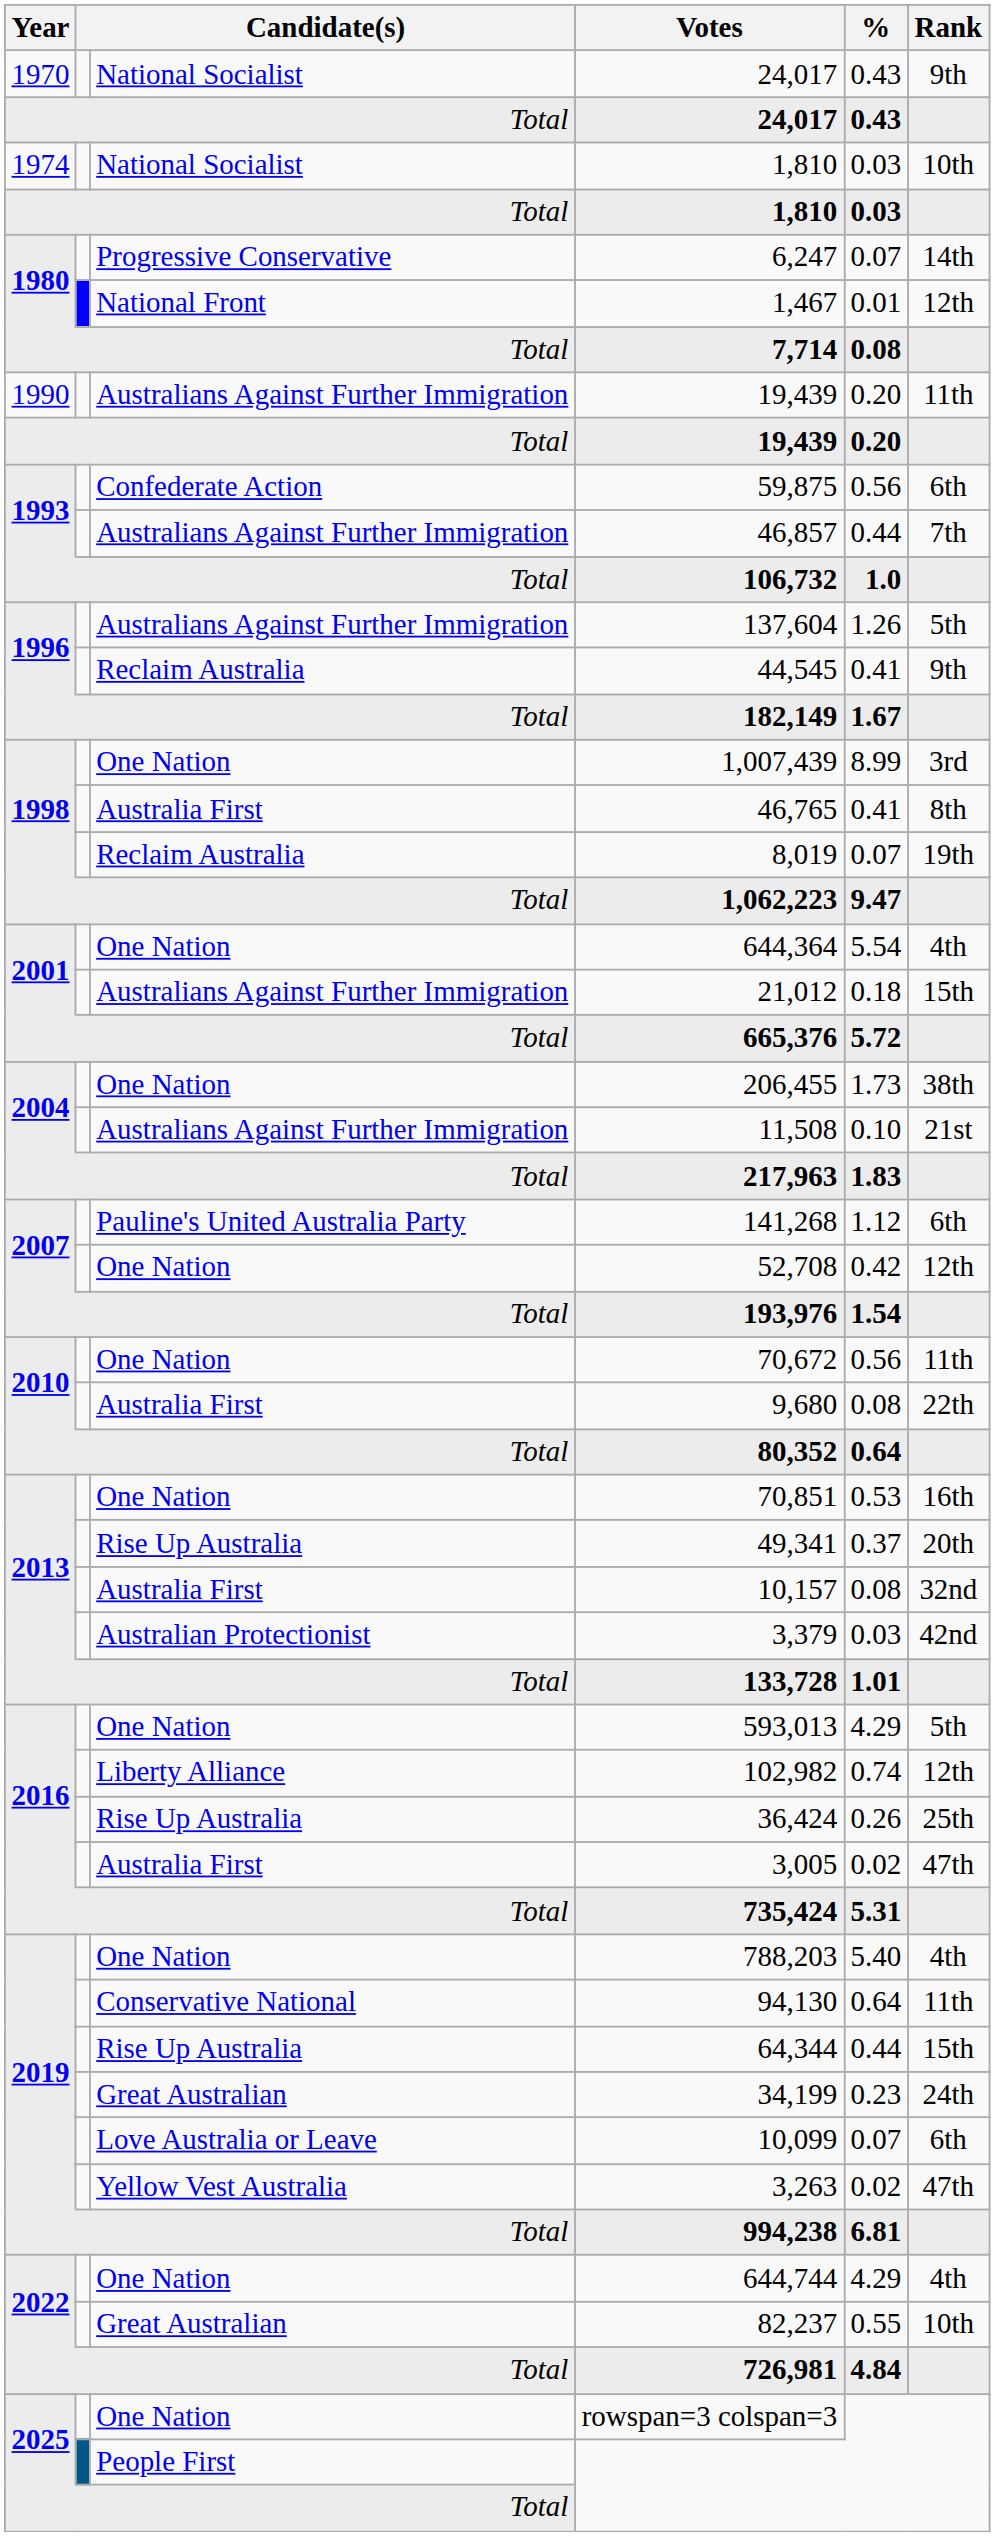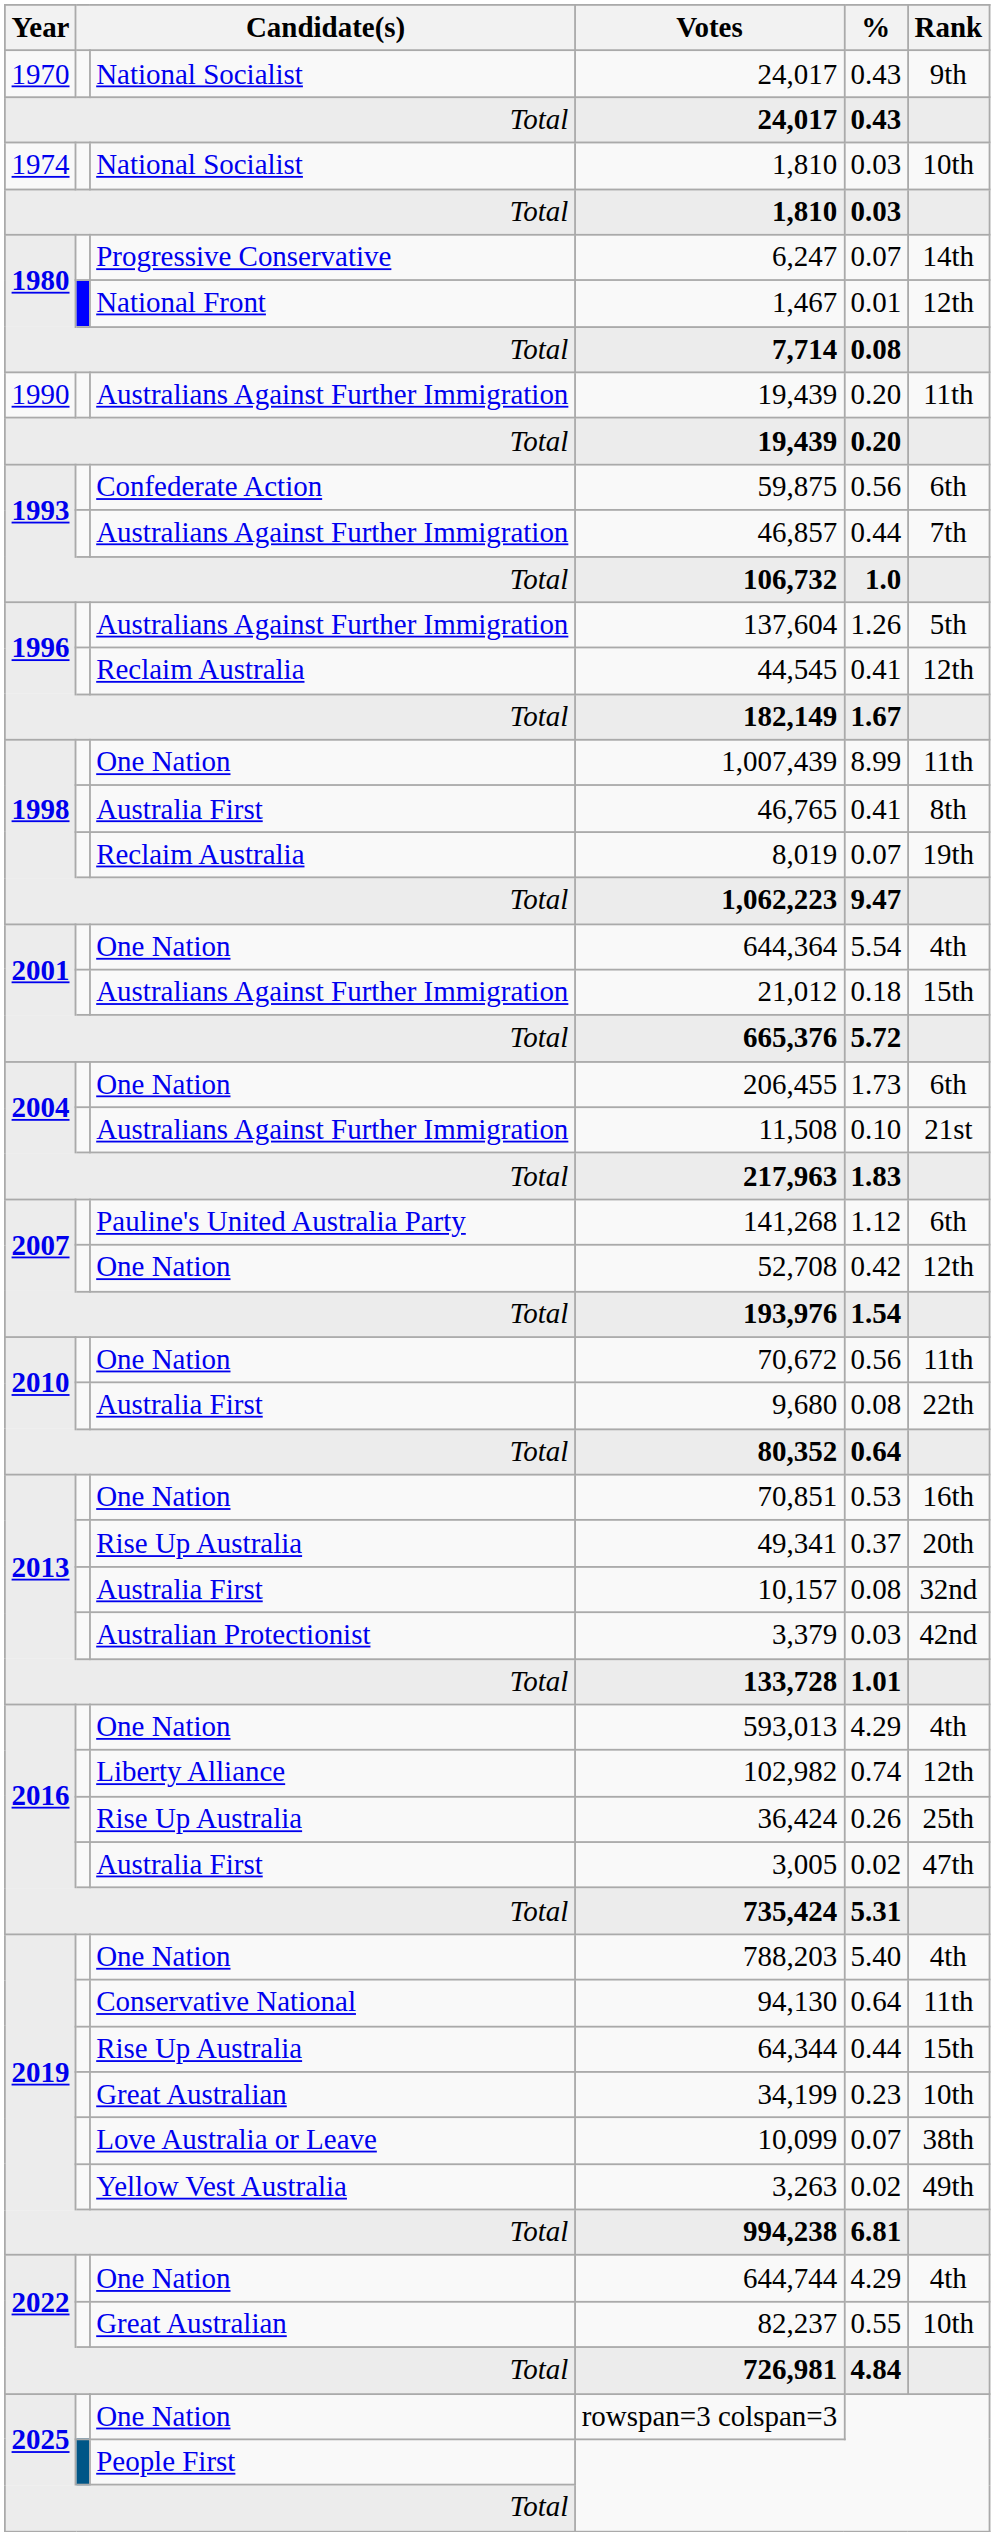 <table class="wikitable" style="text-align:right;">
 <tr>
 <th>Year</th>
 <th colspan=2>Candidate(s)</th>
 <th>Votes</th>
 <th>%</th>
 <th>Rank</th>
 </tr>
 <tr>
 <td><a href='#'>1970</a></td>
 <td></td>
 <td align=left><a href='#'>National Socialist</a></td>
 <td>24,017</td>
 <td>0.43</td>
 <td style="text-align:center;">9th</td>
 </tr>
 <tr style="background-color:#ececec;">
 <td style="text-align:right;" colspan="3"><em>Total</em></td>
 <td><strong>24,017</strong></td>
 <td><strong>0.43</strong></td>
 <td></td>
 </tr>
 <tr>
 <td><a href='#'>1974</a></td>
 <td></td>
 <td align=left><a href='#'>National Socialist</a></td>
 <td>1,810</td>
 <td>0.03</td>
 <td style="text-align:center;">10th</td>
 </tr>
 <tr style="background-color:#ececec;">
 <td style="text-align:right;" colspan="3"><em>Total</em></td>
 <td><strong>1,810</strong></td>
 <td><strong>0.03</strong></td>
 <td></td>
 </tr>
 <tr>
 <td style="background-color:#ececec;border-bottom-style:hidden; text-align:center;" rowspan="2"><strong><a href='#'>1980</a></strong></td>
 <td></td>
 <td align=left><a href='#'>Progressive Conservative</a></td>
 <td>6,247</td>
 <td>0.07</td>
 <td style="text-align:center;">14th</td>
 </tr>
 <tr>
 <td bgcolor=#0000FF></td>
 <td align=left><a href='#'>National Front</a></td>
 <td>1,467</td>
 <td>0.01</td>
 <td style="text-align:center;">12th</td>
 </tr>
 <tr style="background-color:#ececec;">
 <td style="text-align:right;" colspan="3"><em>Total</em></td>
 <td><strong>7,714</strong></td>
 <td><strong>0.08</strong></td>
 <td></td>
 </tr>
 <tr>
 <td><a href='#'>1990</a></td>
 <td></td>
 <td align=left><a href='#'>Australians Against Further Immigration</a></td>
 <td>19,439</td>
 <td>0.20</td>
 <td style="text-align:center;">11th</td>
 </tr>
 <tr style="background-color:#ececec;">
 <td style="text-align:right;" colspan="3"><em>Total</em></td>
 <td><strong>19,439</strong></td>
 <td><strong>0.20</strong></td>
 <td></td>
 </tr>
 <tr>
 <td style="background-color:#ececec;border-bottom-style:hidden; text-align:center;" rowspan="2"><strong><a href='#'>1993</a></strong></td>
 <td></td>
 <td align=left><a href='#'>Confederate Action</a></td>
 <td>59,875</td>
 <td>0.56</td>
 <td style="text-align:center;">6th</td>
 </tr>
 <tr>
 <td></td>
 <td align=left><a href='#'>Australians Against Further Immigration</a></td>
 <td>46,857</td>
 <td>0.44</td>
 <td style="text-align:center;">7th</td>
 </tr>
 <tr style="background-color:#ececec;">
 <td style="text-align:right;" colspan="3"><em>Total</em></td>
 <td><strong>106,732</strong></td>
 <td><strong>1.0</strong></td>
 <td></td>
 </tr>
 <tr>
 <td style="background-color:#ececec;border-bottom-style:hidden; text-align:center;" rowspan="2"><strong><a href='#'>1996</a></strong></td>
 <td></td>
 <td align=left><a href='#'>Australians Against Further Immigration</a></td>
 <td>137,604</td>
 <td>1.26</td>
 <td style="text-align:center;">5th</td>
 </tr>
 <tr>
 <td></td>
 <td align=left><a href='#'>Reclaim Australia</a></td>
 <td>44,545</td>
 <td>0.41</td>
-<td style="text-align:center;">9th</td>
+<td style="text-align:center;">12th</td>
 </tr>
 <tr style="background-color:#ececec;">
 <td style="text-align:right;" colspan="3"><em>Total</em></td>
 <td><strong>182,149</strong></td>
 <td><strong>1.67</strong></td>
 <td></td>
 </tr>
 <tr>
 <td style="background-color:#ececec;border-bottom-style:hidden; text-align:center;" rowspan="3"><strong><a href='#'>1998</a></strong></td>
 <td></td>
 <td align=left><a href='#'>One Nation</a></td>
 <td>1,007,439</td>
 <td>8.99</td>
-<td style="text-align:center;">3rd</td>
+<td style="text-align:center;">11th</td>
 </tr>
 <tr>
 <td></td>
 <td align=left><a href='#'>Australia First</a></td>
 <td>46,765</td>
 <td>0.41</td>
 <td style="text-align:center;">8th</td>
 </tr>
 <tr>
 <td></td>
 <td align=left><a href='#'>Reclaim Australia</a></td>
 <td>8,019</td>
 <td>0.07</td>
 <td style="text-align:center;">19th</td>
 </tr>
 <tr style="background-color:#ececec;">
 <td style="text-align:right;" colspan="3"><em>Total</em></td>
 <td><strong>1,062,223</strong></td>
 <td><strong>9.47</strong></td>
 <td></td>
 </tr>
 <tr>
 <td style="background-color:#ececec;border-bottom-style:hidden; text-align:center;" rowspan="2"><strong><a href='#'>2001</a></strong></td>
 <td></td>
 <td align=left><a href='#'>One Nation</a></td>
 <td>644,364</td>
 <td>5.54</td>
 <td style="text-align:center;">4th</td>
 </tr>
 <tr>
 <td></td>
 <td align=left><a href='#'>Australians Against Further Immigration</a></td>
 <td>21,012</td>
 <td>0.18</td>
 <td style="text-align:center;">15th</td>
 </tr>
 <tr style="background-color:#ececec;">
 <td style="text-align:right;" colspan="3"><em>Total</em></td>
 <td><strong>665,376</strong></td>
 <td><strong>5.72</strong></td>
 <td></td>
 </tr>
 <tr>
 <td style="background-color:#ececec;border-bottom-style:hidden; text-align:center;" rowspan="2"><strong><a href='#'>2004</a></strong></td>
 <td></td>
 <td align=left><a href='#'>One Nation</a></td>
 <td>206,455</td>
 <td>1.73</td>
-<td style="text-align:center;">38th</td>
+<td style="text-align:center;">6th</td>
 </tr>
 <tr>
 <td></td>
 <td align=left><a href='#'>Australians Against Further Immigration</a></td>
 <td>11,508</td>
 <td>0.10</td>
 <td style="text-align:center;">21st</td>
 </tr>
 <tr style="background-color:#ececec;">
 <td style="text-align:right;" colspan="3"><em>Total</em></td>
 <td><strong>217,963</strong></td>
 <td><strong>1.83</strong></td>
 <td></td>
 </tr>
 <tr>
 <td style="background-color:#ececec;border-bottom-style:hidden; text-align:center;" rowspan="2"><strong><a href='#'>2007</a></strong></td>
 <td></td>
 <td align=left><a href='#'>Pauline's United Australia Party</a></td>
 <td>141,268</td>
 <td>1.12</td>
 <td style="text-align:center;">6th</td>
 </tr>
 <tr>
 <td></td>
 <td align=left><a href='#'>One Nation</a></td>
 <td>52,708</td>
 <td>0.42</td>
 <td style="text-align:center;">12th</td>
 </tr>
 <tr style="background-color:#ececec;">
 <td style="text-align:right;" colspan="3"><em>Total</em></td>
 <td><strong>193,976</strong></td>
 <td><strong>1.54</strong></td>
 <td></td>
 </tr>
 <tr>
 <td style="background-color:#ececec;border-bottom-style:hidden; text-align:center;" rowspan="2"><strong><a href='#'>2010</a></strong></td>
 <td></td>
 <td align=left><a href='#'>One Nation</a></td>
 <td>70,672</td>
 <td>0.56</td>
 <td style="text-align:center;">11th</td>
 </tr>
 <tr>
 <td></td>
 <td align=left><a href='#'>Australia First</a></td>
 <td>9,680</td>
 <td>0.08</td>
 <td style="text-align:center;">22th</td>
 </tr>
 <tr style="background-color:#ececec;">
 <td style="text-align:right;" colspan="3"><em>Total</em></td>
 <td><strong>80,352</strong></td>
 <td><strong>0.64</strong></td>
 <td></td>
 </tr>
 <tr>
 <td style="background-color:#ececec;border-bottom-style:hidden; text-align:center;" rowspan="4"><strong><a href='#'>2013</a></strong></td>
 <td></td>
 <td align=left><a href='#'>One Nation</a></td>
 <td>70,851</td>
 <td>0.53</td>
 <td style="text-align:center;">16th</td>
 </tr>
 <tr>
 <td></td>
 <td align=left><a href='#'>Rise Up Australia</a></td>
 <td>49,341</td>
 <td>0.37</td>
 <td style="text-align:center;">20th</td>
 </tr>
 <tr>
 <td></td>
 <td align=left><a href='#'>Australia First</a></td>
 <td>10,157</td>
 <td>0.08</td>
 <td style="text-align:center;">32nd</td>
 </tr>
 <tr>
 <td></td>
 <td align=left><a href='#'>Australian Protectionist</a></td>
 <td>3,379</td>
 <td>0.03</td>
 <td style="text-align:center;">42nd</td>
 </tr>
 <tr style="background-color:#ececec;">
 <td style="text-align:right;" colspan="3"><em>Total</em></td>
 <td><strong>133,728</strong></td>
 <td><strong>1.01</strong></td>
 <td></td>
 </tr>
 <tr>
 <td style="background-color:#ececec;border-bottom-style:hidden; text-align:center;" rowspan="4"><strong><a href='#'>2016</a></strong></td>
 <td></td>
 <td align=left><a href='#'>One Nation</a></td>
 <td>593,013</td>
 <td>4.29</td>
-<td style="text-align:center;">5th</td>
+<td style="text-align:center;">4th</td>
 </tr>
 <tr>
 <td></td>
 <td align=left><a href='#'>Liberty Alliance</a></td>
 <td>102,982</td>
 <td>0.74</td>
 <td style="text-align:center;">12th</td>
 </tr>
 <tr>
 <td></td>
 <td align=left><a href='#'>Rise Up Australia</a></td>
 <td>36,424</td>
 <td>0.26</td>
 <td style="text-align:center;">25th</td>
 </tr>
 <tr>
 <td></td>
 <td align=left><a href='#'>Australia First</a></td>
 <td>3,005</td>
 <td>0.02</td>
 <td style="text-align:center;">47th</td>
 </tr>
 <tr style="background-color:#ececec;">
 <td style="text-align:right;" colspan="3"><em>Total</em></td>
 <td><strong>735,424</strong></td>
 <td><strong>5.31</strong></td>
 <td></td>
 </tr>
 <tr>
 <td style="background-color:#ececec;border-bottom-style:hidden; text-align:center;" rowspan="6"><strong><a href='#'>2019</a></strong></td>
 <td></td>
 <td align=left><a href='#'>One Nation</a></td>
 <td>788,203</td>
 <td>5.40</td>
 <td style="text-align:center;">4th</td>
 </tr>
 <tr>
 <td></td>
 <td align=left><a href='#'>Conservative National</a></td>
 <td>94,130</td>
 <td>0.64</td>
 <td style="text-align:center;">11th</td>
 </tr>
 <tr>
 <td></td>
 <td align=left><a href='#'>Rise Up Australia</a></td>
 <td>64,344</td>
 <td>0.44</td>
 <td style="text-align:center;">15th</td>
 </tr>
 <tr>
 <td></td>
 <td align=left><a href='#'>Great Australian</a></td>
 <td>34,199</td>
 <td>0.23</td>
-<td style="text-align:center;">24th</td>
+<td style="text-align:center;">10th</td>
 </tr>
 <tr>
 <td></td>
 <td align=left><a href='#'>Love Australia or Leave</a></td>
 <td>10,099</td>
 <td>0.07</td>
-<td style="text-align:center;">6th</td>
+<td style="text-align:center;">38th</td>
 </tr>
 <tr>
 <td></td>
 <td align=left><a href='#'>Yellow Vest Australia</a></td>
 <td>3,263</td>
 <td>0.02</td>
-<td style="text-align:center;">47th</td>
+<td style="text-align:center;">49th</td>
 </tr>
 <tr style="background-color:#ececec;">
 <td style="text-align:right;" colspan="3"><em>Total</em></td>
 <td><strong>994,238</strong></td>
 <td><strong>6.81</strong></td>
 <td></td>
 </tr>
 <tr>
 <td style="background-color:#ececec;border-bottom-style:hidden; text-align:center;" rowspan="2"><strong><a href='#'>2022</a></strong></td>
 <td></td>
 <td align=left><a href='#'>One Nation</a></td>
 <td>644,744</td>
 <td>4.29</td>
 <td style="text-align:center;">4th</td>
 </tr>
 <tr>
 <td></td>
 <td align=left><a href='#'>Great Australian</a></td>
 <td>82,237</td>
 <td>0.55</td>
 <td style="text-align:center;">10th</td>
 </tr>
 <tr style="background-color:#ececec;">
 <td style="text-align:right;" colspan="3"><em>Total</em></td>
 <td><strong>726,981</strong></td>
 <td><strong>4.84</strong></td>
 <td></td>
 </tr>
 <tr>
 <td style="background-color:#ececec;border-bottom-style:hidden; text-align:center;" rowspan="2"><strong><a href='#'>2025</a></strong></td>
 <td></td>
 <td align=left><a href='#'>One Nation</a></td>
 <td>rowspan=3 colspan=3 </td>
 </tr>
 <tr>
 <td bgcolor=#005687></td>
 <td align=left><a href='#'>People First</a></td>
 </tr>
 <tr style="background-color:#ececec;">
 <td style="text-align:right;" colspan="3"><em>Total</em></td>
 </tr>
 </table>
